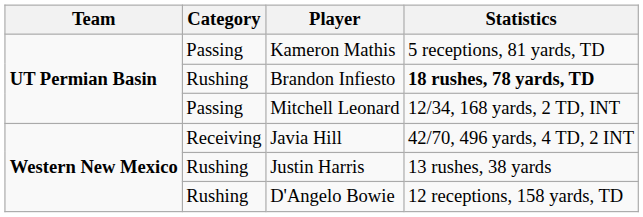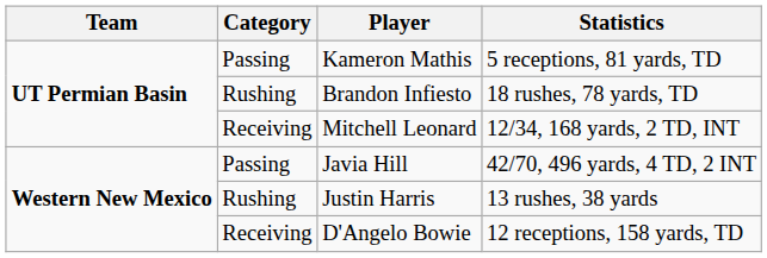 <table class="wikitable" style="float: right;">
 <tr>
 <th>Team</th>
 <th>Category</th>
 <th>Player</th>
 <th>Statistics</th>
 </tr>
 <tr>
 <td rowspan=3><strong>UT Permian Basin</strong></td>
 <td>Passing</td>
 <td>Kameron Mathis</td>
 <td>5 receptions, 81 yards, TD</td>
 </tr>
 <tr>
 <td>Rushing</td>
 <td>Brandon Infiesto</td>
-<td><strong>18 rushes, 78 yards, TD</strong></td>
+<td>18 rushes, 78 yards, TD</td>
 </tr>
 <tr>
-<td>Passing</td>
+<td>Receiving</td>
 <td>Mitchell Leonard</td>
 <td>12/34, 168 yards, 2 TD, INT</td>
 </tr>
 <tr>
 <td rowspan=3><strong>Western New Mexico</strong></td>
-<td>Receiving</td>
+<td>Passing</td>
 <td>Javia Hill</td>
 <td>42/70, 496 yards, 4 TD, 2 INT</td>
 </tr>
 <tr>
 <td>Rushing</td>
 <td>Justin Harris</td>
 <td>13 rushes, 38 yards</td>
 </tr>
 <tr>
-<td>Rushing</td>
+<td>Receiving</td>
 <td>D'Angelo Bowie</td>
 <td>12 receptions, 158 yards, TD</td>
 </tr>
 </table>
